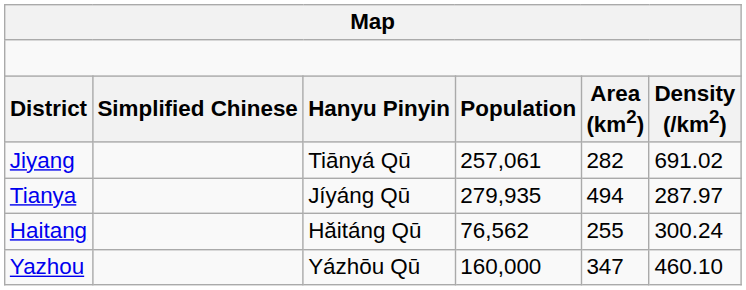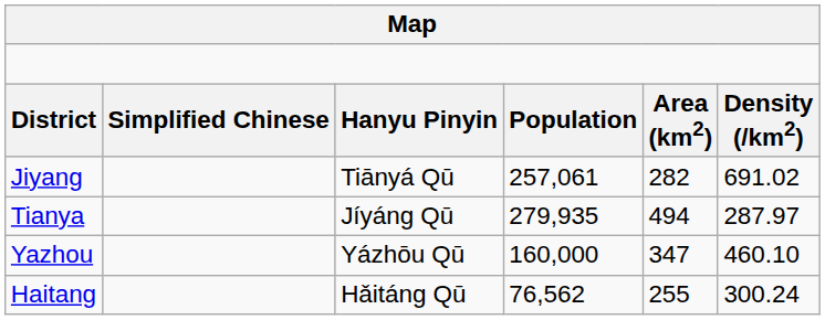 <table class="wikitable" style="font-size:100%;" align=center>
 <tr>
 <th colspan="6">Map</th>
 </tr>
 <tr>
 <td colspan="6"><div><br>       </div></td>
 </tr>
 <tr>
 <th>District</th>
 <th>Simplified Chinese</th>
 <th>Hanyu Pinyin</th>
 <th>Population<br></th>
 <th>Area<br>(km<sup>2</sup>)</th>
 <th>Density<br>(/km<sup>2</sup>)</th>
 </tr>
 <tr>
 <td><a href='#'>Jiyang</a></td>
 <td></td>
 <td>Tiānyá Qū</td>
 <td>257,061</td>
 <td>282</td>
 <td>691.02</td>
 </tr>
 <tr>
 <td><a href='#'>Tianya</a></td>
 <td></td>
 <td>Jíyáng Qū</td>
 <td>279,935</td>
 <td>494</td>
 <td>287.97</td>
 </tr>
 <tr>
+<td><a href='#'>Yazhou</a></td>
+<td></td>
+<td>Yázhōu Qū</td>
+<td>160,000</td>
+<td>347</td>
+<td>460.10</td>
+</tr>
+<tr>
 <td><a href='#'>Haitang</a></td>
 <td></td>
 <td>Hǎitáng Qū</td>
 <td>76,562</td>
 <td>255</td>
 <td>300.24</td>
 </tr>
-<tr>
-<td><a href='#'>Yazhou</a></td>
-<td></td>
-<td>Yázhōu Qū</td>
-<td>160,000</td>
-<td>347</td>
-<td>460.10</td>
-</tr>
 </table>
